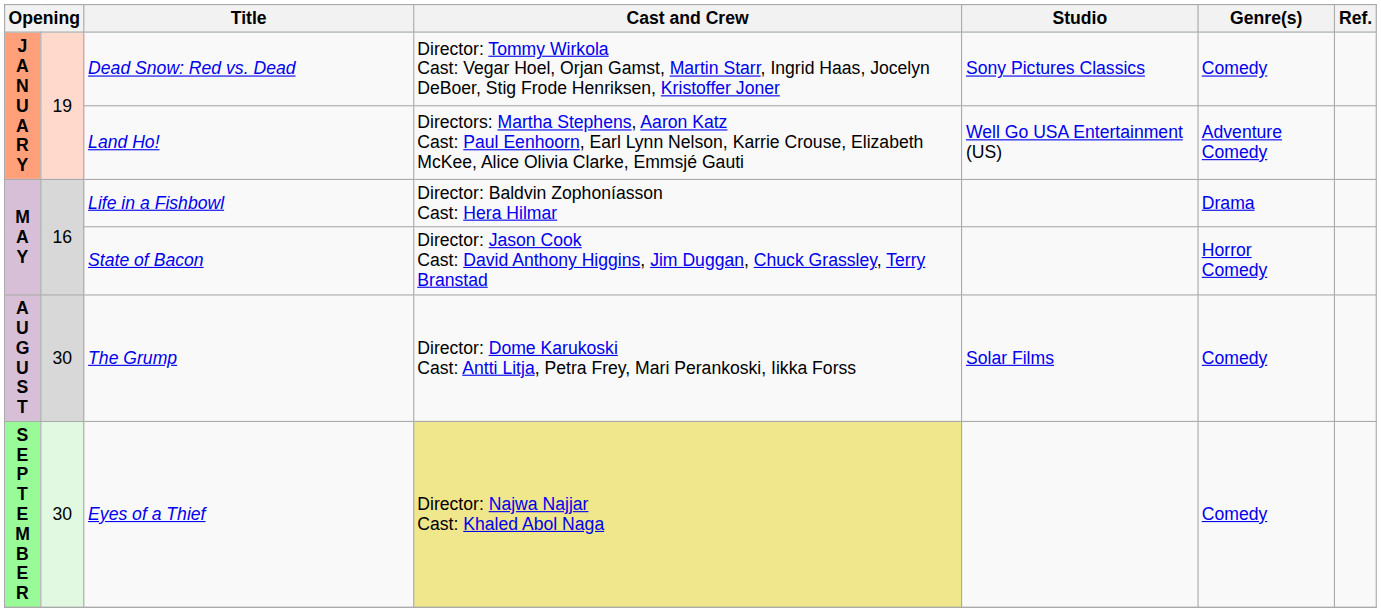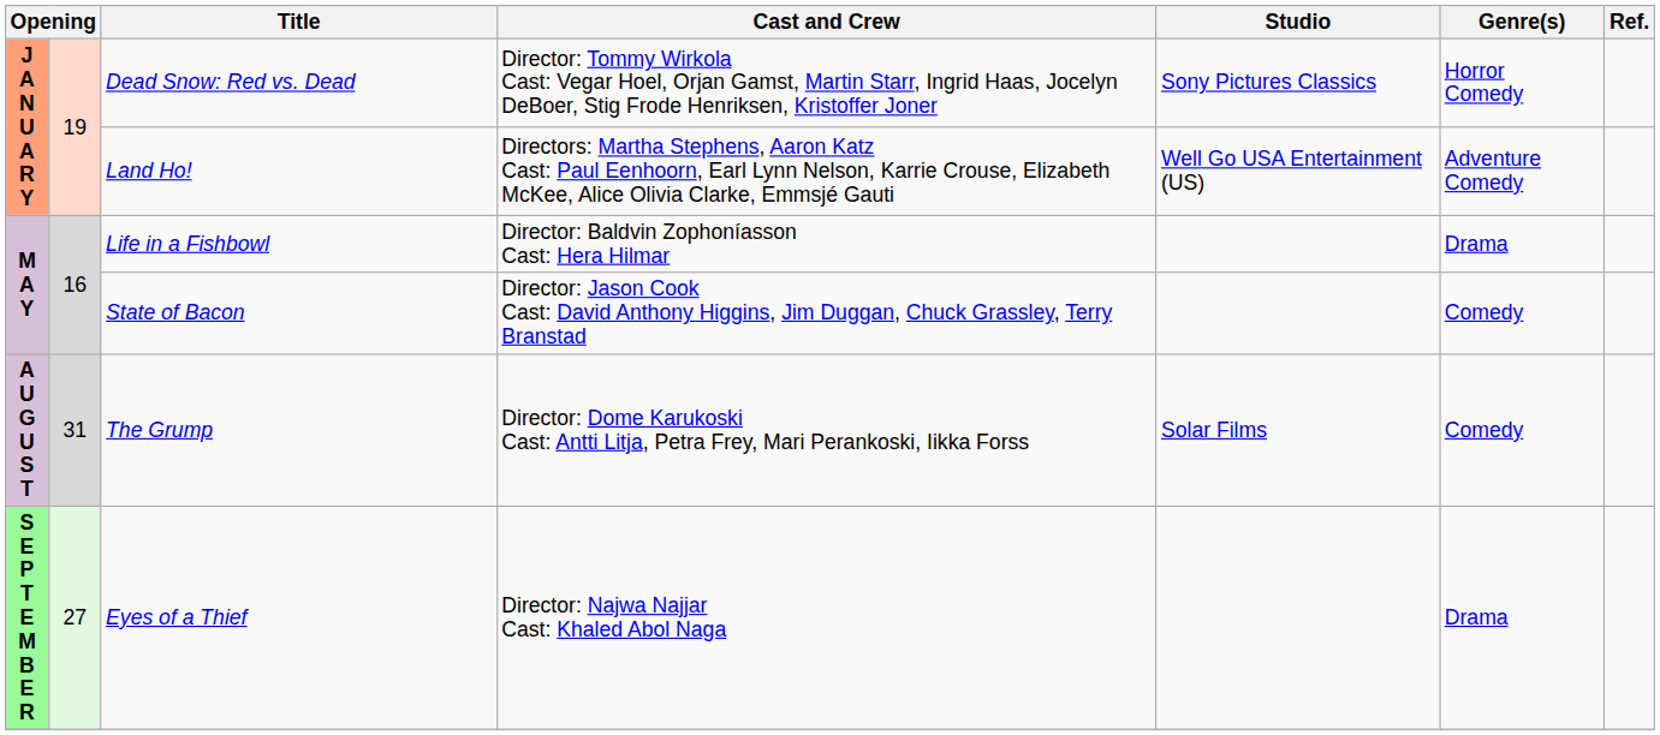 <table class="wikitable">
 <tr style="background:#b0e0e6; text-align:center;">
 <th colspan="2">Opening</th>
 <th style="width:24%;">Title</th>
 <th style="width:40%;">Cast and Crew</th>
 <th>Studio</th>
 <th style="width:10%;">Genre(s)</th>
 <th style="width:2%;">Ref.</th>
 </tr>
 <tr>
 <th rowspan="2" style="text-align:center; background:#ffa07a; textcolor:#000;">J<br>A<br>N<br>U<br>A<br>R<br>Y</th>
 <td rowspan="2" style="text-align:center; background:#ffdacc;">19</td>
 <td><em><a href='#'>Dead Snow: Red vs. Dead</a></em></td>
 <td>Director: <a href='#'>Tommy Wirkola</a> <br> Cast: Vegar Hoel, Orjan Gamst, <a href='#'>Martin Starr</a>, Ingrid Haas, Jocelyn DeBoer, Stig Frode Henriksen, <a href='#'>Kristoffer Joner</a></td>
 <td><a href='#'>Sony Pictures Classics</a></td>
-<td><a href='#'>Comedy</a></td>
+<td><a href='#'>Horror</a> <br> <a href='#'>Comedy</a></td>
 <td style="text-align:center"></td>
 </tr>
 <tr>
 <td><em><a href='#'>Land Ho!</a></em></td>
 <td>Directors: <a href='#'>Martha Stephens</a>, <a href='#'>Aaron Katz</a> <br> Cast: <a href='#'>Paul Eenhoorn</a>, Earl Lynn Nelson, Karrie Crouse, Elizabeth McKee, Alice Olivia Clarke, Emmsjé Gauti</td>
 <td><a href='#'>Well Go USA Entertainment</a> (US)</td>
 <td><a href='#'>Adventure</a> <br> <a href='#'>Comedy</a></td>
 <td style="text-align:center"></td>
 </tr>
 <tr>
 <th rowspan="2" style="text-align:center; background:thistle; textcolor:#000;">M<br>A<br>Y</th>
 <td rowspan="2" style="text-align:center; background:#d8d8d8;">16</td>
 <td><em><a href='#'>Life in a Fishbowl</a></em></td>
 <td>Director: Baldvin Zophoníasson <br> Cast: <a href='#'>Hera Hilmar</a></td>
 <td></td>
 <td><a href='#'>Drama</a></td>
 <td style="text-align:center"></td>
 </tr>
 <tr>
 <td><em><a href='#'>State of Bacon</a></em></td>
 <td>Director: <a href='#'>Jason Cook</a> <br> Cast: <a href='#'>David Anthony Higgins</a>, <a href='#'>Jim Duggan</a>, <a href='#'>Chuck Grassley</a>, <a href='#'>Terry Branstad</a></td>
 <td></td>
-<td><a href='#'>Horror</a> <br> <a href='#'>Comedy</a></td>
+<td><a href='#'>Comedy</a></td>
 <td style="text-align:center"></td>
 </tr>
 <tr>
 <th rowspan="1" style="text-align:center; background:thistle; textcolor:#000;">A<br>U<br>G<br>U<br>S<br>T</th>
-<td rowspan="1" style="text-align:center; background:#d8d8d8;">30</td>
+<td rowspan="1" style="text-align:center; background:#d8d8d8;">31</td>
 <td><em><a href='#'>The Grump</a></em></td>
 <td>Director: <a href='#'>Dome Karukoski</a> <br> Cast: <a href='#'>Antti Litja</a>, Petra Frey, Mari Perankoski, Iikka Forss</td>
 <td><a href='#'>Solar Films</a></td>
 <td><a href='#'>Comedy</a></td>
 <td style="text-align:center"></td>
 </tr>
 <tr>
 <th rowspan="1" style="text-align:center; background:#98fb98; textcolor:#000;">S<br>E<br>P<br>T<br>E<br>M<br>B<br>E<br>R</th>
-<td rowspan="1" style="text-align:center; background:#e0f9e0;">30</td>
+<td rowspan="1" style="text-align:center; background:#e0f9e0;">27</td>
 <td><em><a href='#'>Eyes of a Thief</a></em></td>
-<td style="background: khaki;">Director: <a href='#'>Najwa Najjar</a> <br> Cast: <a href='#'>Khaled Abol Naga</a></td>
+<td>Director: <a href='#'>Najwa Najjar</a> <br> Cast: <a href='#'>Khaled Abol Naga</a></td>
 <td></td>
-<td><a href='#'>Comedy</a></td>
+<td><a href='#'>Drama</a></td>
 <td style="text-align:center"></td>
 </tr>
 <tr>
 </tr>
 </table>
